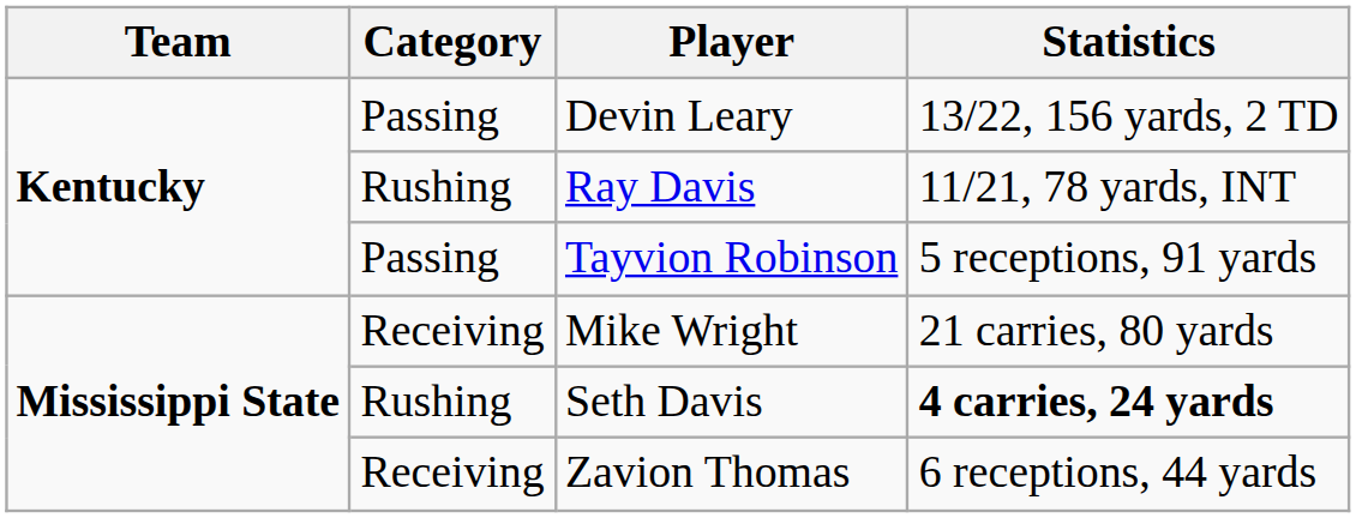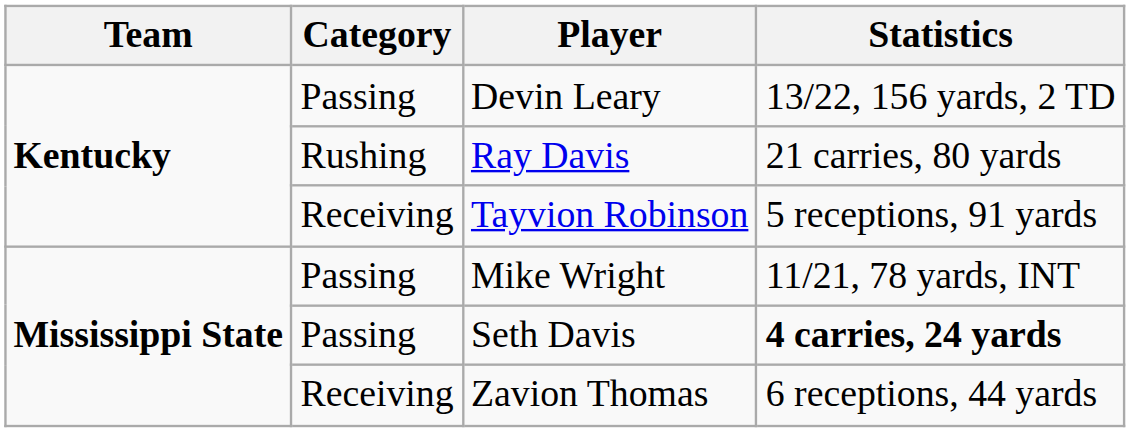 <table class="wikitable" style="float: right;">
 <tr>
 <th>Team</th>
 <th>Category</th>
 <th>Player</th>
 <th>Statistics</th>
 </tr>
 <tr>
 <td rowspan=3><strong>Kentucky</strong></td>
 <td>Passing</td>
 <td>Devin Leary</td>
 <td>13/22, 156 yards, 2 TD</td>
 </tr>
 <tr>
 <td>Rushing</td>
 <td><a href='#'>Ray Davis</a></td>
-<td>11/21, 78 yards, INT</td>
+<td>21 carries, 80 yards</td>
 </tr>
 <tr>
-<td>Passing</td>
+<td>Receiving</td>
 <td><a href='#'>Tayvion Robinson</a></td>
 <td>5 receptions, 91 yards</td>
 </tr>
 <tr>
 <td rowspan=3><strong>Mississippi State</strong></td>
-<td>Receiving</td>
+<td>Passing</td>
 <td>Mike Wright</td>
-<td>21 carries, 80 yards</td>
+<td>11/21, 78 yards, INT</td>
 </tr>
 <tr>
-<td>Rushing</td>
+<td>Passing</td>
 <td>Seth Davis</td>
 <td><strong>4 carries, 24 yards</strong></td>
 </tr>
 <tr>
 <td>Receiving</td>
 <td>Zavion Thomas</td>
 <td>6 receptions, 44 yards</td>
 </tr>
 </table>
